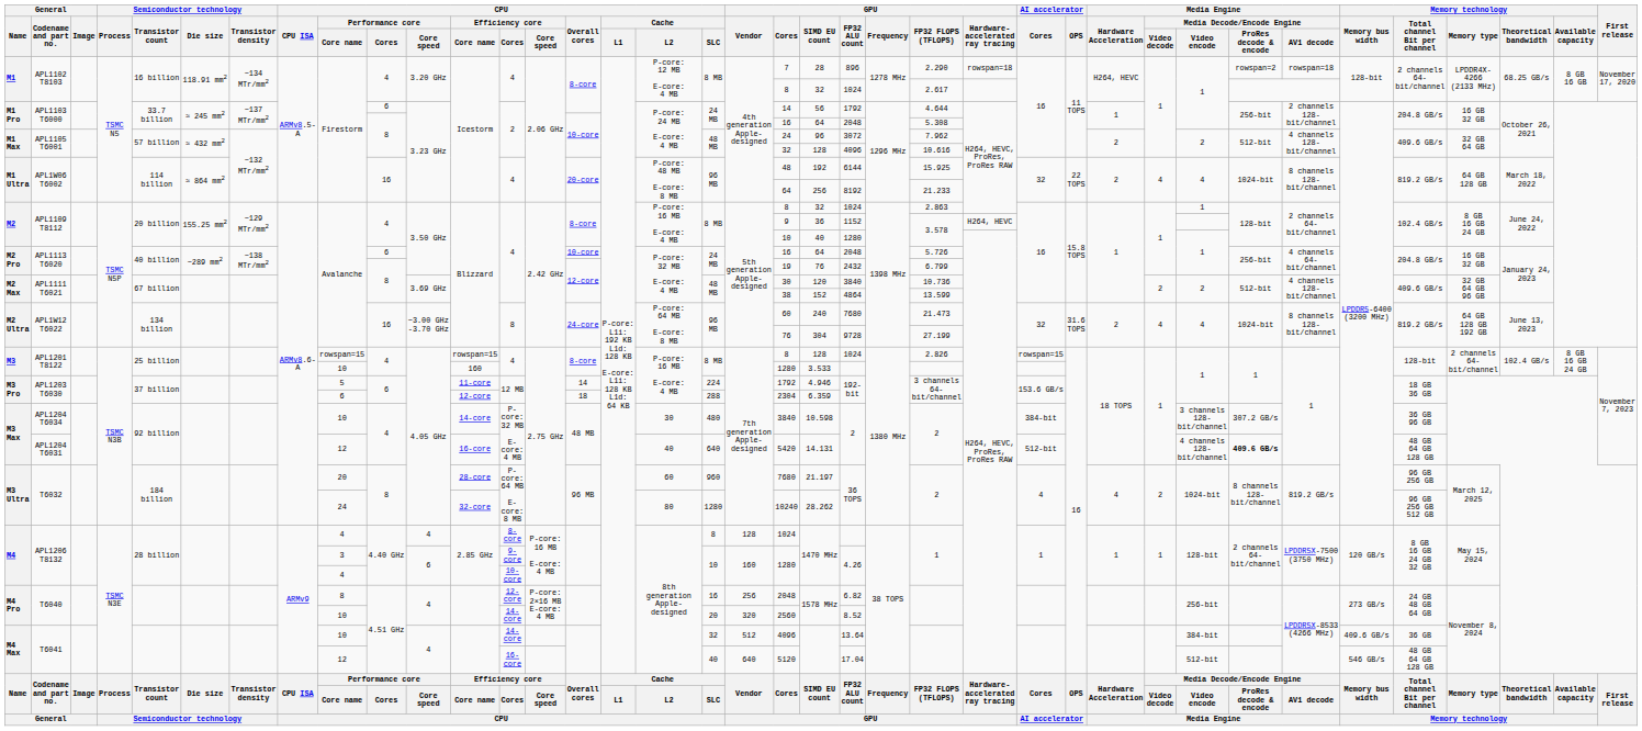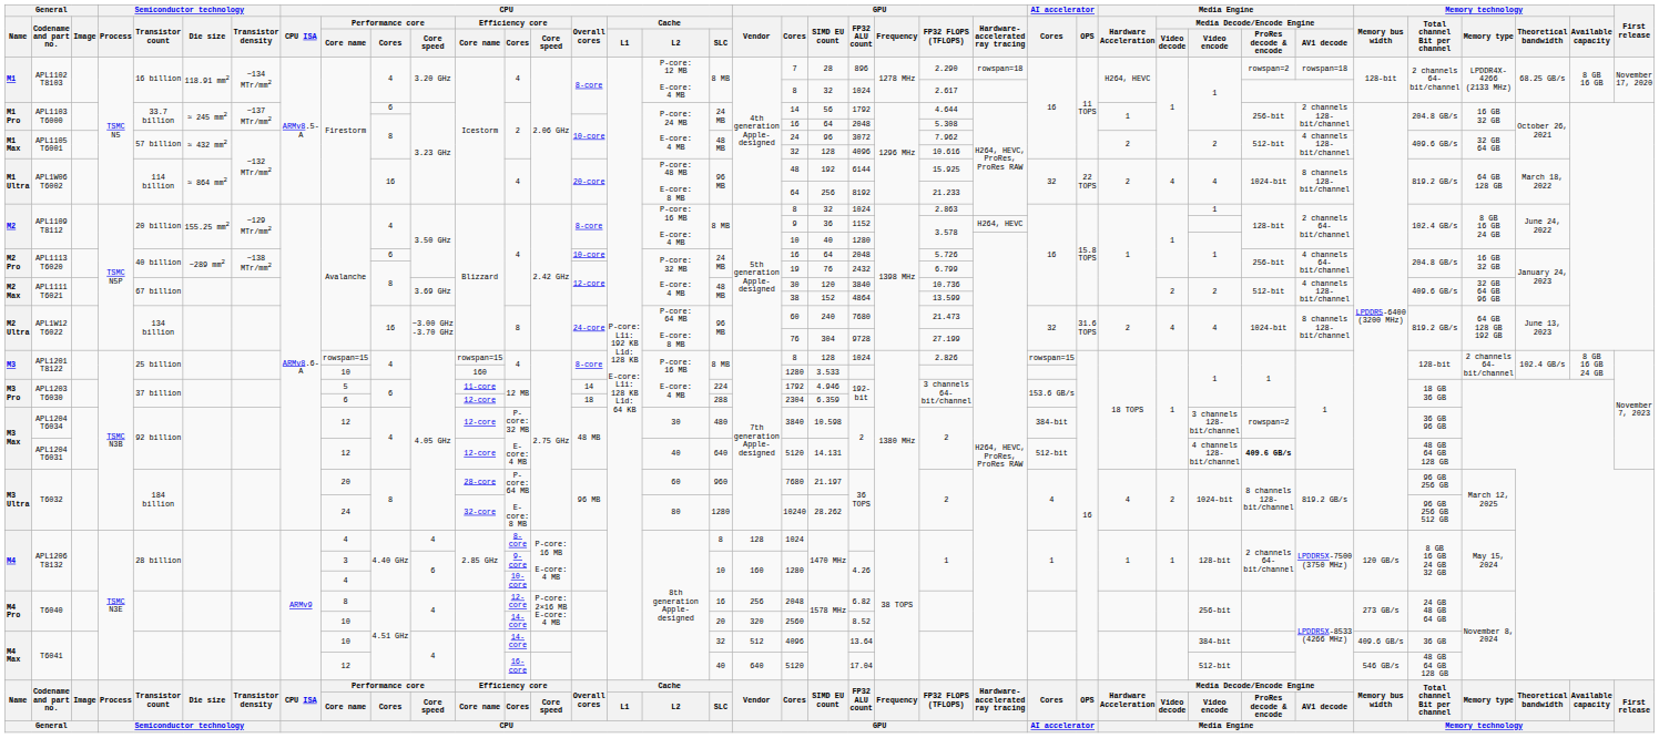 <table class="wikitable sortable mw-collapsible" style="font-size:85%; text-align:center;">
 <tr>
 <th colspan=3>General</th>
 <th colspan="4"><a href='#'>Semiconductor technology</a></th>
 <th colspan=11>CPU</th>
 <th colspan=7>GPU</th>
 <th colspan=2><a href='#'>AI accelerator</a></th>
 <th colspan=5>Media Engine</th>
 <th colspan=5><a href='#'>Memory technology</a></th>
 <th rowspan=3>First release</th>
 </tr>
 <tr>
 <th rowspan=2>Name</th>
 <th rowspan=2>Codename<br>and part no.</th>
 <th rowspan=2>Image</th>
 <th rowspan=2>Process</th>
 <th rowspan=2>Transistor count</th>
 <th rowspan="2">Die size</th>
 <th rowspan="2">Transistor density</th>
 <th rowspan="2">CPU <a href='#'>ISA</a></th>
 <th colspan=3>Performance core</th>
 <th colspan=3>Efficiency core</th>
 <th rowspan=2>Overall cores</th>
 <th colspan=3 style="min-width: 16em">Cache</th>
 <th rowspan=2>Vendor</th>
 <th rowspan=2>Cores</th>
 <th rowspan=2>SIMD EU count</th>
 <th rowspan=2>FP32 ALU count</th>
 <th rowspan=2>Frequency</th>
 <th rowspan=2>FP32 FLOPS<br>(TFLOPS)</th>
 <th rowspan=2>Hardware-accelerated ray tracing</th>
 <th rowspan=2>Cores</th>
 <th rowspan=2>OPS</th>
 <th rowspan=2>Hardware Acceleration</th>
 <th colspan=4>Media Decode/Encode Engine</th>
 <th rowspan=2>Memory bus width</th>
 <th rowspan=2>Total channel<br>Bit per channel</th>
 <th rowspan=2>Memory type</th>
 <th rowspan=2>Theoretical<br>bandwidth</th>
 <th rowspan=2>Available capacity</th>
 </tr>
 <tr>
 <th>Core name</th>
 <th>Cores</th>
 <th>Core speed</th>
 <th>Core name</th>
 <th>Cores</th>
 <th>Core speed</th>
 <th>L1</th>
 <th>L2</th>
 <th>SLC</th>
 <th>Video decode</th>
 <th>Video encode</th>
 <th>ProRes decode & encode</th>
 <th>AV1 decode</th>
 </tr>
 <tr>
 <th rowspan=2 style="text-align:left;"><a href='#'>M1</a></th>
 <td rowspan=2>APL1102<br>T8103</td>
 <td rowspan=2></td>
 <td rowspan=9><a href='#'>TSMC</a><br>N5</td>
 <td rowspan=2>16 billion</td>
 <td rowspan="2">118.91 mm<sup>2</sup></td>
 <td rowspan="2">~134 MTr/mm<sup>2</sup></td>
 <td rowspan="9"><a href='#'>ARMv8</a>.5-A<br></td>
 <td rowspan=9>Firestorm</td>
 <td rowspan=2>4</td>
 <td rowspan=2>3.20 GHz</td>
 <td rowspan=9>Icestorm</td>
 <td rowspan=2>4</td>
 <td rowspan=9>2.06 GHz</td>
 <td rowspan=3><a href='#'>8-core</a></td>
 <td rowspan="33">P-core:<br>L1i: 192 KB<br>L1d: 128 KB<br><br>E-core:<br>L1i: 128 KB<br>L1d: 64 KB</td>
 <td rowspan=2>P-core:<br>12 MB<br><br>E-core:<br>4 MB</td>
 <td rowspan=2>8 MB</td>
 <td rowspan=9>4th generation Apple-designed</td>
 <td>7</td>
 <td>28</td>
 <td>896</td>
 <td rowspan=2>1278 MHz</td>
 <td>2.290</td>
 <td>rowspan=18 </td>
 <td rowspan=7>16</td>
 <td rowspan=7>11 TOPS</td>
 <td rowspan=2>H264, HEVC</td>
 <td rowspan="7">1</td>
 <td rowspan="5">1</td>
 <td>rowspan=2 </td>
 <td>rowspan=18 </td>
 <td rowspan=2>128-bit</td>
 <td rowspan=2>2 channels<br>64-bit/channel</td>
 <td rowspan=2>LPDDR4X-4266<br>(2133 MHz)</td>
 <td rowspan=2>68.25 GB/s</td>
 <td rowspan=2>8 GB<br>16 GB</td>
 <td rowspan=2>November 17, 2020</td>
 </tr>
 <tr>
 <td>8</td>
 <td>32</td>
 <td>1024</td>
 <td>2.617</td>
 </tr>
 <tr>
 <th rowspan=3 style="text-align:left;">M1 Pro</th>
 <td rowspan=3>APL1103<br>T6000</td>
 <td rowspan=3></td>
 <td rowspan=3>33.7 billion</td>
 <td rowspan="3">≈ 245 mm<sup>2</sup><br></td>
 <td rowspan="3">~137 MTr/mm<sup>2</sup></td>
 <td>6</td>
 <td rowspan=7>3.23 GHz</td>
 <td rowspan=5>2</td>
 <td rowspan="5">P-core:<br>24 MB<br><br>E-core:<br>4 MB</td>
 <td rowspan=3>24 MB</td>
 <td rowspan=2>14</td>
 <td rowspan=2>56</td>
 <td rowspan=2>1792</td>
 <td rowspan=7>1296 MHz</td>
 <td rowspan=2>4.644</td>
 <td rowspan=8>H264, HEVC, ProRes, ProRes RAW</td>
 <td rowspan=3>1</td>
 <td rowspan=3>256-bit</td>
 <td rowspan=3>2 channels<br>128-bit/channel</td>
 <td rowspan="24"><a href='#'>LPDDR5</a>-6400<br>(3200 MHz)</td>
 <td rowspan=3>204.8 GB/s</td>
 <td rowspan=3>16 GB<br>32 GB</td>
 <td rowspan=5>October 26, 2021</td>
 </tr>
 <tr>
 <td rowspan=4>8</td>
 <td rowspan=4><a href='#'>10-core</a></td>
 </tr>
 <tr>
 <td>16</td>
 <td>64</td>
 <td>2048</td>
 <td>5.308</td>
 </tr>
 <tr>
 <th rowspan=2 style="text-align:left;">M1 Max</th>
 <td rowspan=2>APL1105<br>T6001<br></td>
 <td rowspan=2></td>
 <td rowspan=2>57 billion</td>
 <td rowspan="2">≈ 432 mm<sup>2</sup><br></td>
 <td rowspan="4">~132 MTr/mm<sup>2</sup></td>
 <td rowspan="2">48 MB</td>
 <td>24</td>
 <td>96</td>
 <td>3072</td>
 <td>7.962</td>
 <td rowspan=2>2</td>
 <td rowspan=2>2</td>
 <td rowspan=2>512-bit</td>
 <td rowspan=2>4 channels<br>128-bit/channel</td>
 <td rowspan=2>409.6 GB/s</td>
 <td rowspan=2>32 GB<br>64 GB</td>
 </tr>
 <tr>
 <td>32</td>
 <td>128</td>
 <td>4096</td>
 <td>10.616</td>
 </tr>
 <tr>
 <th rowspan=2 style="text-align:left;">M1 Ultra</th>
 <td rowspan=2>APL1W06<br>T6002</td>
 <td rowspan=2></td>
 <td rowspan=2>114 billion</td>
 <td rowspan="2">≈ 864 mm<sup>2</sup></td>
 <td rowspan="2">16</td>
 <td rowspan=2>4</td>
 <td rowspan=2><a href='#'>20-core</a></td>
 <td rowspan="2">P-core:<br>48 MB<br><br>E-core:<br>8 MB</td>
 <td rowspan=2>96 MB</td>
 <td>48</td>
 <td>192</td>
 <td>6144</td>
 <td>15.925</td>
 <td rowspan=2>32</td>
 <td rowspan=2>22 TOPS</td>
 <td rowspan=2>2</td>
 <td rowspan=2>4</td>
 <td rowspan=2>4</td>
 <td rowspan=2>1024-bit</td>
 <td rowspan=2>8 channels<br>128-bit/channel</td>
 <td rowspan=2>819.2 GB/s</td>
 <td rowspan=2>64 GB<br>128 GB</td>
 <td rowspan=2>March 18, 2022</td>
 </tr>
 <tr>
 <td>64</td>
 <td>256</td>
 <td>8192</td>
 <td>21.233</td>
 </tr>
 <tr>
 <th rowspan="3" style="text-align:left;"><a href='#'>M2</a></th>
 <td rowspan="3">APL1109<br>T8112</td>
 <td rowspan="3"></td>
 <td rowspan="9"><a href='#'>TSMC</a><br>N5P</td>
 <td rowspan="3">20 billion</td>
 <td rowspan="3">155.25 mm<sup>2</sup><br></td>
 <td rowspan="3">~129 MTr/mm<sup>2</sup></td>
 <td rowspan="17"><a href='#'>ARMv8</a>.6-A<br></td>
 <td rowspan="9">Avalanche</td>
 <td rowspan="3">4</td>
 <td rowspan="5">3.50 GHz</td>
 <td rowspan="9">Blizzard</td>
 <td rowspan="7">4</td>
 <td rowspan="9">2.42 GHz</td>
 <td rowspan="3"><a href='#'>8-core</a></td>
 <td rowspan="3">P-core:<br>16 MB<br><br>E-core:<br>4 MB</td>
 <td rowspan="3">8 MB</td>
 <td rowspan="9">5th generation Apple-designed</td>
 <td>8</td>
 <td>32</td>
 <td>1024</td>
 <td rowspan="9">1398 MHz</td>
 <td>2.863</td>
 <td rowspan="7">16</td>
 <td rowspan="7">15.8 TOPS</td>
 <td rowspan="7">1</td>
 <td rowspan="5">1</td>
 <td>1</td>
 <td rowspan="3">128-bit</td>
 <td rowspan="3">2 channels<br>64-bit/channel</td>
 <td rowspan="3">102.4 GB/s</td>
 <td rowspan="3">8 GB<br>16 GB<br>24 GB</td>
 <td rowspan="3">June 24, 2022</td>
 </tr>
 <tr>
 <td>9 </td>
 <td>36</td>
 <td>1152</td>
 <td rowspan="2">3.578</td>
 <td>H264, HEVC</td>
 <td></td>
 </tr>
 <tr>
 <td>10</td>
 <td>40</td>
 <td>1280</td>
 <td rowspan="22">H264, HEVC, ProRes, ProRes RAW</td>
 <td rowspan="3">1</td>
 </tr>
 <tr>
 <th rowspan=2 style="text-align:left;">M2 Pro</th>
 <td rowspan=2>APL1113<br>T6020</td>
 <td rowspan=2></td>
 <td rowspan=2>40 billion</td>
 <td rowspan="2">~289 mm<sup>2</sup></td>
 <td rowspan="2">~138 MTr/mm<sup>2</sup></td>
 <td>6</td>
 <td><a href='#'>10-core</a></td>
 <td rowspan="4">P-core:<br>32 MB<br><br>E-core:<br>4 MB</td>
 <td rowspan=2>24 MB</td>
 <td>16</td>
 <td>64</td>
 <td>2048</td>
 <td>5.726</td>
 <td rowspan=2>256-bit</td>
 <td rowspan=2>4 channels<br>64-bit/channel</td>
 <td rowspan=2>204.8 GB/s</td>
 <td rowspan=2>16 GB<br>32 GB</td>
 <td rowspan=4>January 24, 2023</td>
 </tr>
 <tr>
 <td rowspan=3>8</td>
 <td rowspan=3><a href='#'>12-core</a></td>
 <td>19</td>
 <td>76</td>
 <td>2432</td>
 <td>6.799</td>
 </tr>
 <tr>
 <th rowspan=2 style="text-align:left;">M2 Max</th>
 <td rowspan=2>APL1111<br>T6021</td>
 <td rowspan=2></td>
 <td rowspan=2>67 billion</td>
 <td rowspan="2"></td>
 <td rowspan="2"></td>
 <td rowspan="2">3.69 GHz<br></td>
 <td rowspan="2">48 MB</td>
 <td>30</td>
 <td>120</td>
 <td>3840</td>
 <td>10.736</td>
 <td rowspan=2>2</td>
 <td rowspan=2>2</td>
 <td rowspan=2>512-bit</td>
 <td rowspan=2>4 channels<br>128-bit/channel</td>
 <td rowspan=2>409.6 GB/s</td>
 <td rowspan=2>32 GB<br>64 GB<br>96 GB</td>
 </tr>
 <tr>
 <td>38</td>
 <td>152</td>
 <td>4864</td>
 <td>13.599</td>
 </tr>
 <tr>
 <th rowspan=2 style="text-align:left;">M2 Ultra</th>
 <td rowspan=2>APL1W12<br>T6022</td>
 <td rowspan=2></td>
 <td rowspan=2>134 billion</td>
 <td rowspan="2"></td>
 <td rowspan="2"></td>
 <td rowspan="2">16</td>
 <td rowspan=2>~3.00 GHz<br>-3.70 GHz<br></td>
 <td rowspan=2>8</td>
 <td rowspan=2><a href='#'>24-core</a></td>
 <td rowspan="2">P-core:<br>64 MB<br><br>E-core:<br>8 MB</td>
 <td rowspan=2>96 MB</td>
 <td>60</td>
 <td>240</td>
 <td>7680</td>
 <td>21.473</td>
 <td rowspan=2>32</td>
 <td rowspan=2>31.6 TOPS</td>
 <td rowspan=2>2</td>
 <td rowspan=2>4</td>
 <td rowspan=2>4</td>
 <td rowspan=2>1024-bit</td>
 <td rowspan=2>8 channels<br>128-bit/channel</td>
 <td rowspan=2>819.2 GB/s</td>
 <td rowspan=2>64 GB<br>128 GB<br>192 GB</td>
 <td rowspan=2>June 13, 2023</td>
 </tr>
 <tr>
 <td>76</td>
 <td>304</td>
 <td>9728</td>
 <td>27.199</td>
 </tr>
 <tr>
 <th rowspan=2 style="text-align:left;"><a href='#'>M3</a></th>
 <td rowspan=2>APL1201 <br>T8122</td>
 <td rowspan=2></td>
 <td rowspan="8"><a href='#'>TSMC</a><br>N3B</td>
 <td rowspan=2>25 billion</td>
 <td rowspan=2></td>
 <td rowspan=2></td>
 <td>rowspan=15 </td>
 <td rowspan=2>4</td>
 <td rowspan="8">4.05 GHz</td>
 <td>rowspan=15 </td>
 <td rowspan=2>4</td>
 <td rowspan="8">2.75 GHz</td>
 <td rowspan=2><a href='#'>8-core</a></td>
 <td rowspan="4">P-core:<br>16 MB<br><br>E-core:<br>4 MB</td>
 <td rowspan=2>8 MB</td>
 <td rowspan="8">7th generation Apple-designed</td>
 <td>8</td>
 <td>128</td>
 <td>1024</td>
 <td rowspan="8">1380 MHz<br></td>
 <td>2.826</td>
 <td>rowspan=15 </td>
 <td rowspan="15">16</td>
 <td rowspan=6>18 TOPS</td>
 <td rowspan="6">1</td>
 <td rowspan="4">1</td>
 <td rowspan="4">1</td>
 <td rowspan="6">1</td>
 <td rowspan=2>128-bit</td>
 <td rowspan=2>2 channels<br>64-bit/channel</td>
 <td rowspan=2>102.4 GB/s</td>
 <td rowspan=2>8 GB<br>16 GB<br>24 GB</td>
 <td rowspan=6>November 7, 2023</td>
 </tr>
 <tr>
 <td>10</td>
 <td>160</td>
 <td>1280</td>
 <td>3.533</td>
 </tr>
 <tr>
 <th rowspan=2 style="text-align:left;">M3 Pro</th>
 <td rowspan=2>APL1203<br>T6030</td>
 <td rowspan=2></td>
 <td rowspan=2>37 billion</td>
 <td rowspan="2"></td>
 <td rowspan="2"></td>
 <td>5</td>
 <td rowspan=2>6</td>
 <td><a href='#'>11-core</a></td>
 <td rowspan="2">12 MB</td>
 <td>14</td>
 <td>224</td>
 <td>1792</td>
 <td>4.946</td>
 <td rowspan=2>192-bit</td>
 <td rowspan=2>3 channels<br>64-bit/channel</td>
 <td rowspan=2>153.6 GB/s</td>
 <td rowspan=2>18 GB<br>36 GB</td>
 </tr>
 <tr>
 <td>6</td>
 <td><a href='#'>12-core</a></td>
 <td>18</td>
 <td>288</td>
 <td>2304</td>
 <td>6.359</td>
 </tr>
 <tr>
 <th rowspan=2 style="text-align:left;">M3 Max</th>
 <td>APL1204<br>T6034</td>
 <td rowspan=2></td>
 <td rowspan=2>92 billion</td>
 <td rowspan="2"></td>
 <td rowspan="2"></td>
-<td>10</td>
+<td>12</td>
 <td rowspan=2>4</td>
-<td><a href='#'>14-core</a></td>
+<td><a href='#'>12-core</a></td>
 <td rowspan="2">P-core:<br>32 MB<br><br>E-core:<br>4 MB</td>
 <td rowspan=2>48 MB</td>
 <td>30</td>
 <td>480</td>
 <td>3840</td>
 <td>10.598</td>
 <td rowspan=2>2</td>
 <td rowspan=2>2</td>
 <td>384-bit</td>
 <td>3 channels<br>128-bit/channel</td>
-<td>307.2 GB/s</td>
+<td>rowspan=2 </td>
 <td>36 GB<br>96 GB</td>
 </tr>
 <tr>
 <td>APL1204<br>T6031</td>
 <td>12</td>
-<td><a href='#'>16-core</a></td>
+<td><a href='#'>12-core</a></td>
 <td>40</td>
 <td>640</td>
-<td>5420</td>
+<td>5120</td>
 <td>14.131</td>
 <td>512-bit</td>
 <td>4 channels<br>128-bit/channel</td>
 <td><strong>409.6 GB/s</strong></td>
 <td>48 GB<br>64 GB<br>128 GB</td>
 </tr>
 <tr>
 <th rowspan=2 style="text-align:left;">M3 Ultra</th>
 <td rowspan="2">T6032</td>
 <td rowspan="2"></td>
 <td rowspan="2">184 billion</td>
 <td rowspan="2"></td>
 <td rowspan="2"></td>
 <td>20</td>
 <td rowspan="2">8</td>
 <td><a href='#'>28-core</a></td>
 <td rowspan="2">P-core:<br>64 MB<br><br>E-core:<br>8 MB</td>
 <td rowspan="2">96 MB</td>
 <td>60</td>
 <td>960</td>
 <td>7680</td>
 <td>21.197</td>
 <td rowspan="2">36 TOPS</td>
 <td rowspan="2">2</td>
 <td rowspan="2">4</td>
 <td rowspan="2">4</td>
 <td rowspan="2">2</td>
 <td rowspan="2">1024-bit</td>
 <td rowspan="2">8 channels<br>128-bit/channel</td>
 <td rowspan="2">819.2 GB/s</td>
 <td>96 GB<br>256 GB</td>
 <td rowspan="2">March 12, 2025</td>
 </tr>
 <tr>
 <td>24</td>
 <td><a href='#'>32-core</a></td>
 <td>80</td>
 <td>1280</td>
 <td>10240</td>
 <td>28.262</td>
 <td>96 GB<br>256 GB<br>512 GB</td>
 </tr>
 <tr>
 <th rowspan="3" style="text-align:left;"><a href='#'>M4</a></th>
 <td rowspan="3">APL1206<br>T8132</td>
 <td rowspan="3"></td>
 <td rowspan="7"><a href='#'>TSMC</a><br>N3E</td>
 <td rowspan="3">28 billion</td>
 <td rowspan="3"></td>
 <td rowspan="3"></td>
 <td rowspan="7"><a href='#'>ARMv9</a><br></td>
 <td>4</td>
 <td rowspan="3">4.40 GHz</td>
 <td>4</td>
 <td rowspan="3">2.85 GHz</td>
 <td><a href='#'>8-core</a></td>
 <td rowspan="3">P-core:<br>16 MB<br><br>E-core:<br>4 MB</td>
 <td rowspan="3"></td>
 <td rowspan="7">8th generation Apple-designed</td>
 <td>8</td>
 <td>128</td>
 <td>1024</td>
 <td rowspan="3">1470 MHz<br></td>
 <td></td>
 <td rowspan="7">38 TOPS</td>
 <td rowspan="3">1</td>
 <td rowspan="3">1</td>
 <td rowspan="3">1</td>
 <td rowspan="3">1</td>
 <td rowspan="3">128-bit</td>
 <td rowspan="3">2 channels<br>64-bit/channel</td>
 <td rowspan="3"><a href='#'>LPDDR5X</a>-7500 (3750 MHz)</td>
 <td rowspan="3">120 GB/s</td>
 <td rowspan="3">8 GB<br>16 GB<br>24 GB<br>32 GB</td>
 <td rowspan="3">May 15, 2024</td>
 </tr>
 <tr>
 <td>3</td>
 <td rowspan="2">6</td>
 <td><a href='#'>9-core</a></td>
 <td rowspan="2">10</td>
 <td rowspan="2">160</td>
 <td rowspan="2">1280</td>
 <td rowspan="2">4.26</td>
 </tr>
 <tr>
 <td>4</td>
 <td><a href='#'>10-core</a></td>
 </tr>
 <tr>
 <th rowspan=2 style="text-align:left;">M4 Pro</th>
 <td rowspan="2">T6040</td>
 <td rowspan="2"></td>
 <td rowspan="2"></td>
 <td rowspan="2"></td>
 <td rowspan="2"></td>
 <td>8</td>
 <td rowspan="4">4.51 GHz</td>
 <td rowspan="2">4</td>
 <td rowspan="2"></td>
 <td><a href='#'>12-core</a></td>
 <td rowspan="2">P-core:<br>2×16 MB<br>E-core:<br>4 MB</td>
 <td rowspan="2"></td>
 <td>16</td>
 <td>256</td>
 <td>2048</td>
 <td rowspan="2">1578 MHz</td>
 <td>6.82</td>
 <td rowspan="2"></td>
 <td rowspan="2"></td>
 <td rowspan="2"></td>
 <td rowspan="2"></td>
 <td rowspan="2">256-bit</td>
 <td rowspan="2"></td>
 <td rowspan="4"><a href='#'>LPDDR5X</a>-8533 (4266 MHz)</td>
 <td rowspan="2">273 GB/s</td>
 <td rowspan="2">24 GB<br>48 GB<br>64 GB</td>
 <td rowspan="4">November 8, 2024</td>
 </tr>
 <tr>
 <td>10</td>
 <td><a href='#'>14-core</a></td>
 <td>20</td>
 <td>320</td>
 <td>2560</td>
 <td>8.52</td>
 </tr>
 <tr>
 <th rowspan=2 style="text-align:left;">M4 Max</th>
 <td rowspan="2">T6041</td>
 <td rowspan="2"></td>
 <td rowspan="2"></td>
 <td rowspan="2"></td>
 <td rowspan="2"></td>
 <td>10</td>
 <td rowspan="2">4</td>
 <td rowspan="2"></td>
 <td><a href='#'>14-core</a></td>
 <td></td>
 <td rowspan="2"></td>
 <td>32</td>
 <td>512</td>
 <td>4096</td>
 <td rowspan="2"></td>
 <td>13.64</td>
 <td rowspan="2"></td>
 <td rowspan="2"></td>
 <td rowspan="2"></td>
 <td rowspan="2"></td>
 <td>384-bit</td>
 <td></td>
 <td>409.6 GB/s</td>
 <td>36 GB</td>
 </tr>
 <tr>
 <td>12</td>
 <td><a href='#'>16-core</a></td>
 <td></td>
 <td>40</td>
 <td>640</td>
 <td>5120</td>
 <td>17.04</td>
 <td>512-bit</td>
 <td></td>
 <td>546 GB/s</td>
 <td>48 GB<br>64 GB<br>128 GB</td>
 </tr>
 <tr>
 <th rowspan="2">Name</th>
 <th rowspan="2">Codename<br>and part no.</th>
 <th rowspan="2">Image</th>
 <th rowspan="2">Process</th>
 <th rowspan="2">Transistor count</th>
 <th rowspan="2">Die size</th>
 <th rowspan="2">Transistor density</th>
 <th rowspan="2">CPU <a href='#'>ISA</a></th>
 <th colspan="3">Performance core</th>
 <th colspan="3">Efficiency core</th>
 <th rowspan="2">Overall cores</th>
 <th colspan="3">Cache</th>
 <th rowspan="2">Vendor</th>
 <th rowspan="2">Cores</th>
 <th rowspan="2">SIMD EU count</th>
 <th rowspan="2">FP32 ALU count</th>
 <th rowspan="2">Frequency</th>
 <th rowspan="2">FP32 FLOPS<br>(TFLOPS)</th>
 <th rowspan="2">Hardware-accelerated ray tracing</th>
 <th rowspan="2">Cores</th>
 <th rowspan="2">OPS</th>
 <th rowspan="2">Hardware Acceleration</th>
 <th colspan="4">Media Decode/Encode Engine</th>
 <th rowspan="2">Memory bus width</th>
 <th rowspan="2">Total channel<br>Bit per channel</th>
 <th rowspan="2">Memory type</th>
 <th rowspan="2">Theoretical<br>bandwidth</th>
 <th rowspan="2">Available capacity</th>
 <th rowspan="3">First release</th>
 </tr>
 <tr>
 <th>Core name</th>
 <th>Cores</th>
 <th>Core speed</th>
 <th>Core name</th>
 <th>Cores</th>
 <th>Core speed</th>
 <th>L1</th>
 <th>L2</th>
 <th>SLC</th>
 <th>Video decode</th>
 <th>Video encode</th>
 <th>ProRes decode & encode</th>
 <th>AV1 decode</th>
 </tr>
 <tr>
 <th colspan="3">General</th>
 <th colspan="4"><a href='#'>Semiconductor technology</a></th>
 <th colspan="11">CPU</th>
 <th colspan="7">GPU</th>
 <th colspan="2"><a href='#'>AI accelerator</a></th>
 <th colspan="5">Media Engine</th>
 <th colspan="5"><a href='#'>Memory technology</a></th>
 </tr>
 </table>
